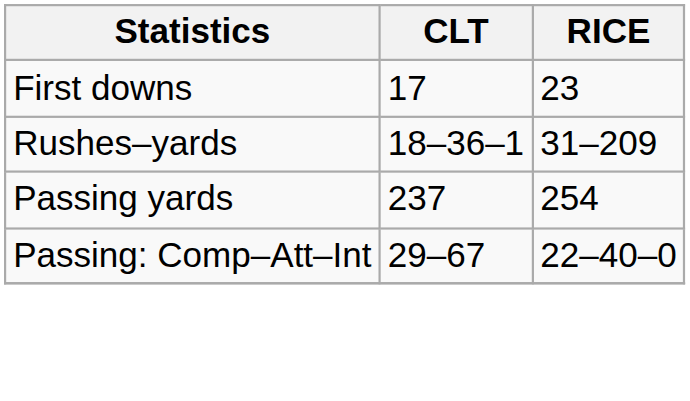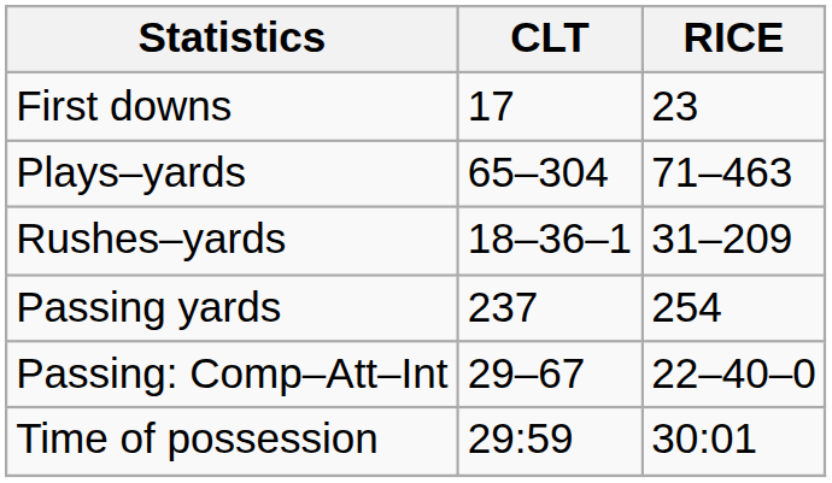 <table class="wikitable" style="float: left;">
 <tr>
 <th>Statistics</th>
 <th>CLT</th>
 <th>RICE</th>
 </tr>
 <tr>
 <td>First downs</td>
 <td>17</td>
 <td>23</td>
+</tr>
+<tr>
+<td>Plays–yards</td>
+<td>65–304</td>
+<td>71–463</td>
 </tr>
 <tr>
 <td>Rushes–yards</td>
 <td>18–36–1</td>
 <td>31–209</td>
 </tr>
 <tr>
 <td>Passing yards</td>
 <td>237</td>
 <td>254</td>
 </tr>
 <tr>
 <td>Passing: Comp–Att–Int</td>
 <td>29–67</td>
 <td>22–40–0</td>
 </tr>
 <tr>
+<td>Time of possession</td>
+<td>29:59</td>
+<td>30:01</td>
+</tr>
+<tr>
 </tr>
 </table>
